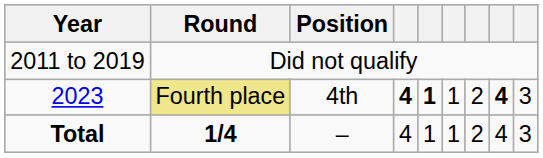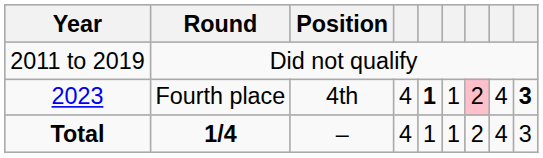 <table class="wikitable" style="text-align: center;font-size:90%;">
 <tr>
 <th>Year</th>
 <th>Round</th>
 <th>Position</th>
 <th></th>
 <th></th>
 <th></th>
 <th></th>
 <th></th>
 <th></th>
 </tr>
 <tr>
 <td>2011 to 2019</td>
 <td colspan=8>Did not qualify</td>
 </tr>
 <tr>
 <td> <a href='#'>2023</a></td>
-<td style="background: khaki;">Fourth place</td>
+<td>Fourth place</td>
 <td>4th</td>
-<td><strong>4</strong></td>
+<td>4</td>
 <td><strong>1</strong></td>
 <td>1</td>
-<td>2</td>
-<td><strong>4</strong></td>
-<td>3</td>
+<td style="background: pink;">2</td>
+<td>4</td>
+<td><strong>3</strong></td>
 </tr>
 <tr>
 <td><strong>Total</strong></td>
 <td><strong>1/4</strong></td>
 <td>–</td>
 <td>4</td>
 <td>1</td>
 <td>1</td>
 <td>2</td>
 <td>4</td>
 <td>3</td>
 </tr>
 </table>
